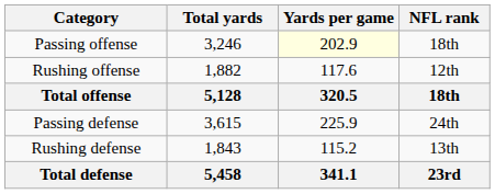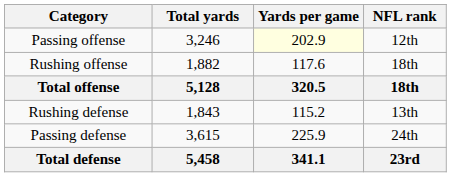 <table class="wikitable" style="text-align:center">
 <tr>
 <th width="150">Category</th>
 <th width="100">Total yards</th>
 <th width="110">Yards per game</th>
 <th width="80">NFL rank<br></th>
 </tr>
 <tr>
 <td>Passing offense</td>
 <td>3,246</td>
 <td style="background: lightyellow;">202.9</td>
-<td>18th</td>
+<td>12th</td>
 </tr>
 <tr>
 <td>Rushing offense</td>
 <td>1,882</td>
 <td>117.6</td>
-<td>12th</td>
+<td>18th</td>
 </tr>
 <tr>
 <th>Total offense</th>
 <th>5,128</th>
 <th>320.5</th>
 <th>18th</th>
 </tr>
 <tr>
+<td>Rushing defense</td>
+<td>1,843</td>
+<td>115.2</td>
+<td>13th</td>
+</tr>
+<tr>
 <td>Passing defense</td>
 <td>3,615</td>
 <td>225.9</td>
 <td>24th</td>
-</tr>
-<tr>
-<td>Rushing defense</td>
-<td>1,843</td>
-<td>115.2</td>
-<td>13th</td>
 </tr>
 <tr>
 <th>Total defense</th>
 <th>5,458</th>
 <th>341.1</th>
 <th>23rd</th>
 </tr>
 </table>
